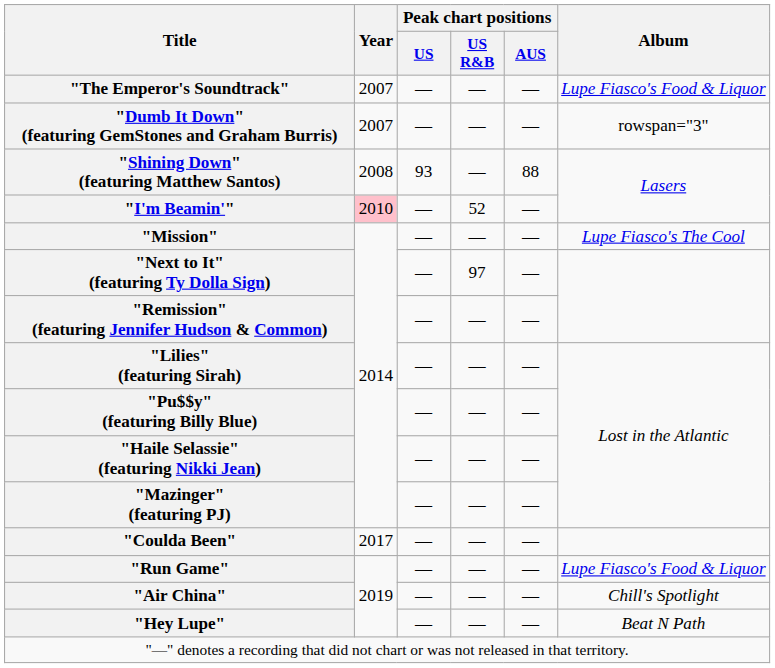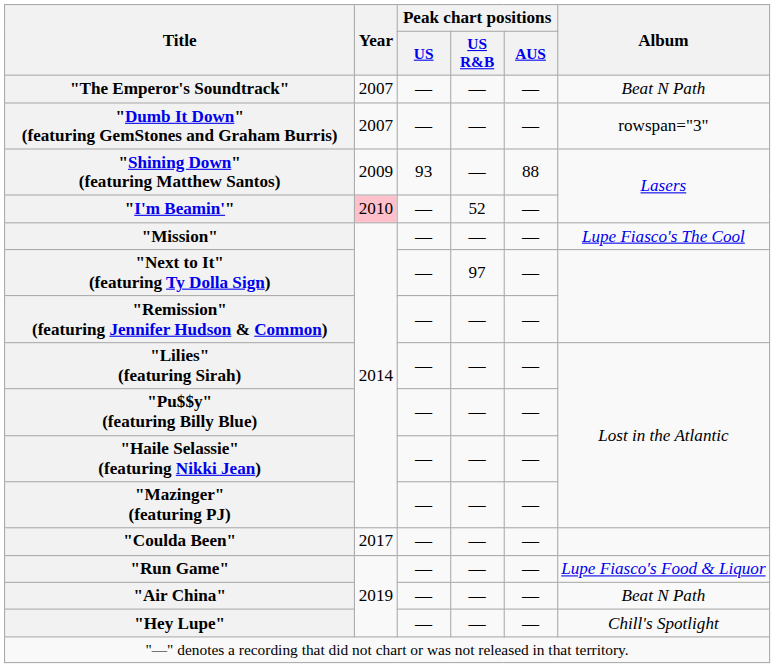 <table class="wikitable plainrowheaders" style="text-align:center;">
 <tr>
 <th scope="col" rowspan="2" style="width:20em;">Title</th>
 <th scope="col" rowspan="2">Year</th>
 <th scope="col" colspan="3">Peak chart positions</th>
 <th scope="col" rowspan="2">Album</th>
 </tr>
 <tr>
 <th style="width:3em;font-size:90%;"><a href='#'>US</a><br></th>
 <th style="width:3em;font-size:90%;"><a href='#'>US<br>R&B</a><br></th>
 <th style="width:3em;font-size:90%;"><a href='#'>AUS</a><br></th>
 </tr>
 <tr>
 <th scope="row">"The Emperor's Soundtrack"</th>
 <td>2007</td>
 <td>—</td>
 <td>—</td>
 <td>—</td>
-<td><em><a href='#'>Lupe Fiasco's Food & Liquor</a></em></td>
+<td><em>Beat N Path</em></td>
 </tr>
 <tr>
 <th scope="row">"<a href='#'>Dumb It Down</a>"<br><span>(featuring GemStones and Graham Burris)</span></th>
 <td>2007</td>
 <td>—</td>
 <td>—</td>
 <td>—</td>
 <td>rowspan="3" </td>
 </tr>
 <tr>
 <th scope="row">"<a href='#'>Shining Down</a>"<br><span>(featuring Matthew Santos)</span></th>
-<td>2008</td>
+<td>2009</td>
 <td>93</td>
 <td>—</td>
 <td>88</td>
 <td rowspan="2"><em><a href='#'>Lasers</a></em></td>
 </tr>
 <tr>
 <th scope="row">"<a href='#'>I'm Beamin'</a>"</th>
 <td style="background: pink;">2010</td>
 <td>—</td>
 <td>52</td>
 <td>—</td>
 </tr>
 <tr>
 <th scope="row">"Mission"</th>
 <td rowspan="7">2014</td>
 <td>—</td>
 <td>—</td>
 <td>—</td>
 <td><em><a href='#'>Lupe Fiasco's The Cool</a></em></td>
 </tr>
 <tr>
 <th scope="row">"Next to It"<br><span>(featuring <a href='#'>Ty Dolla Sign</a>)</span></th>
 <td>—</td>
 <td>97</td>
 <td>—</td>
 </tr>
 <tr>
 <th scope="row">"Remission"<br><span>(featuring <a href='#'>Jennifer Hudson</a> & <a href='#'>Common</a>)</span></th>
 <td>—</td>
 <td>—</td>
 <td>—</td>
 </tr>
 <tr>
 <th scope="row">"Lilies"<br><span>(featuring Sirah)</span></th>
 <td>—</td>
 <td>—</td>
 <td>—</td>
 <td rowspan="4"><em>Lost in the Atlantic</em></td>
 </tr>
 <tr>
 <th scope="row">"Pu$$y"<br><span>(featuring Billy Blue)</span></th>
 <td>—</td>
 <td>—</td>
 <td>—</td>
 </tr>
 <tr>
 <th scope="row">"Haile Selassie"<br><span>(featuring <a href='#'>Nikki Jean</a>)</span></th>
 <td>—</td>
 <td>—</td>
 <td>—</td>
 </tr>
 <tr>
 <th scope="row">"Mazinger"<br><span>(featuring PJ)</span></th>
 <td>—</td>
 <td>—</td>
 <td>—</td>
 </tr>
 <tr>
 <th scope="row">"Coulda Been"</th>
 <td>2017</td>
 <td>—</td>
 <td>—</td>
 <td>—</td>
 <td></td>
 </tr>
 <tr>
 <th scope="row">"Run Game"</th>
 <td rowspan="3">2019</td>
 <td>—</td>
 <td>—</td>
 <td>—</td>
 <td><em><a href='#'>Lupe Fiasco's Food & Liquor</a></em></td>
 </tr>
 <tr>
 <th scope="row">"Air China"</th>
 <td>—</td>
 <td>—</td>
 <td>—</td>
-<td><em>Chill's Spotlight</em></td>
+<td><em>Beat N Path</em></td>
 </tr>
 <tr>
 <th scope="row">"Hey Lupe"</th>
 <td>—</td>
 <td>—</td>
 <td>—</td>
-<td><em>Beat N Path</em></td>
+<td><em>Chill's Spotlight</em></td>
 </tr>
 <tr>
 <td colspan="14" style="font-size:90%">"—" denotes a recording that did not chart or was not released in that territory.</td>
 </tr>
 </table>
